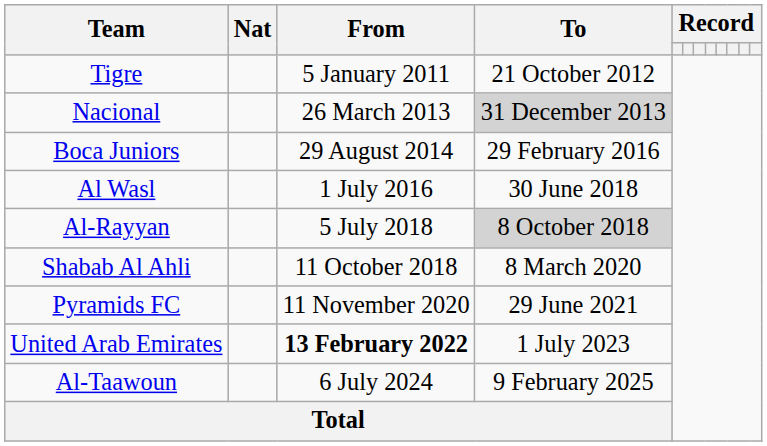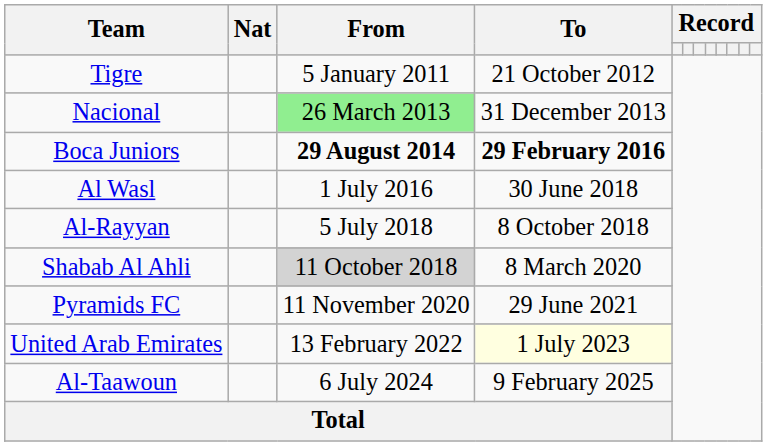 <table class="wikitable" style="text-align: center">
 <tr>
 <th rowspan="2">Team</th>
 <th rowspan="2">Nat</th>
 <th rowspan="2">From</th>
 <th rowspan="2">To</th>
 <th colspan="8">Record</th>
 </tr>
 <tr>
 <th></th>
 <th></th>
 <th></th>
 <th></th>
 <th></th>
 <th></th>
 <th></th>
 <th></th>
 </tr>
 <tr>
 <td><a href='#'>Tigre</a></td>
 <td></td>
 <td>5 January 2011</td>
 <td>21 October 2012<br></td>
 </tr>
 <tr>
 <td><a href='#'>Nacional</a></td>
 <td></td>
-<td>26 March 2013</td>
-<td style="background: lightgrey;">31 December 2013<br></td>
+<td style="background: lightgreen;">26 March 2013</td>
+<td>31 December 2013<br></td>
 </tr>
 <tr>
 <td><a href='#'>Boca Juniors</a></td>
 <td></td>
-<td>29 August 2014</td>
-<td>29 February 2016<br></td>
+<td><strong>29 August 2014</strong></td>
+<td><strong>29 February 2016<br></strong></td>
 </tr>
 <tr>
 <td><a href='#'>Al Wasl</a></td>
 <td></td>
 <td>1 July 2016</td>
 <td>30 June 2018<br></td>
 </tr>
 <tr>
 <td><a href='#'>Al-Rayyan</a></td>
 <td></td>
 <td>5 July 2018</td>
-<td style="background: lightgrey;">8 October 2018<br></td>
+<td>8 October 2018<br></td>
 </tr>
 <tr>
 <td><a href='#'>Shabab Al Ahli</a></td>
 <td></td>
-<td>11 October 2018</td>
+<td style="background: lightgrey;">11 October 2018</td>
 <td>8 March 2020<br></td>
 </tr>
 <tr>
 <td><a href='#'>Pyramids FC</a></td>
 <td></td>
 <td>11 November 2020</td>
 <td>29 June 2021<br></td>
 </tr>
 <tr>
 <td><a href='#'>United Arab Emirates</a></td>
 <td></td>
-<td><strong>13 February 2022</strong></td>
-<td>1 July 2023<br></td>
+<td>13 February 2022</td>
+<td style="background: lightyellow;">1 July 2023<br></td>
 </tr>
 <tr>
 <td><a href='#'>Al-Taawoun</a></td>
 <td></td>
 <td>6 July 2024</td>
 <td>9 February 2025<br></td>
 </tr>
 <tr>
 <th colspan="4">Total<br></th>
 </tr>
 </table>
